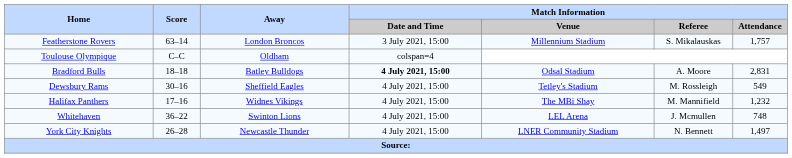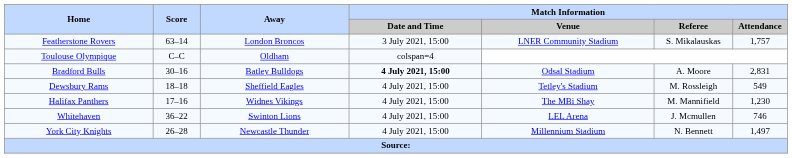 <table border=1 style="border-collapse:collapse; font-size:90%; text-align:center;" cellpadding=3 cellspacing=0 width=100%>
 <tr style="background:#c1d8ff;">
 <th scope="col" rowspan=2 width=19%>Home</th>
 <th scope="col" rowspan=2 width=6%>Score</th>
 <th scope="col" rowspan=2 width=19%>Away</th>
 <th colspan=6>Match Information</th>
 </tr>
 <tr style="background:#cccccc;">
 <th scope="col" width=17%>Date and Time</th>
 <th scope="col" width=22%>Venue</th>
 <th scope="col" width=10%>Referee</th>
 <th scope="col" width=7%>Attendance</th>
 </tr>
 <tr style="background:#f5faff;">
 <td> <a href='#'>Featherstone Rovers</a></td>
 <td>63–14</td>
 <td> <a href='#'>London Broncos</a></td>
 <td>3 July 2021, 15:00</td>
-<td><a href='#'>Millennium Stadium</a></td>
+<td><a href='#'>LNER Community Stadium</a></td>
 <td>S. Mikalauskas</td>
 <td>1,757</td>
 </tr>
 <tr style="background:#f5faff;">
 <td> <a href='#'>Toulouse Olympique</a></td>
 <td>C–C</td>
 <td> <a href='#'>Oldham</a></td>
 <td>colspan=4 </td>
 </tr>
 <tr style="background:#f5faff;">
 <td> <a href='#'>Bradford Bulls</a></td>
-<td>18–18</td>
+<td>30–16</td>
 <td> <a href='#'>Batley Bulldogs</a></td>
 <td><strong>4 July 2021, 15:00</strong></td>
 <td><a href='#'>Odsal Stadium</a></td>
 <td>A. Moore</td>
 <td>2,831</td>
 </tr>
 <tr style="background:#f5faff;">
 <td> <a href='#'>Dewsbury Rams</a></td>
-<td>30–16</td>
+<td>18–18</td>
 <td> <a href='#'>Sheffield Eagles</a></td>
 <td>4 July 2021, 15:00</td>
 <td><a href='#'>Tetley's Stadium</a></td>
 <td>M. Rossleigh</td>
 <td>549</td>
 </tr>
 <tr style="background:#f5faff;">
 <td> <a href='#'>Halifax Panthers</a></td>
 <td>17–16</td>
 <td> <a href='#'>Widnes Vikings</a></td>
 <td>4 July 2021, 15:00</td>
 <td><a href='#'>The MBi Shay</a></td>
 <td>M. Mannifield</td>
-<td>1,232</td>
+<td>1,230</td>
 </tr>
 <tr style="background:#f5faff;">
 <td> <a href='#'>Whitehaven</a></td>
 <td>36–22</td>
 <td> <a href='#'>Swinton Lions</a></td>
 <td>4 July 2021, 15:00</td>
 <td><a href='#'>LEL Arena</a></td>
 <td>J. Mcmullen</td>
-<td>748</td>
+<td>746</td>
 </tr>
 <tr style="background:#f5faff;">
 <td> <a href='#'>York City Knights</a></td>
 <td>26–28</td>
 <td> <a href='#'>Newcastle Thunder</a></td>
 <td>4 July 2021, 15:00</td>
-<td><a href='#'>LNER Community Stadium</a></td>
+<td><a href='#'>Millennium Stadium</a></td>
 <td>N. Bennett</td>
 <td>1,497</td>
 </tr>
 <tr style="background:#c1d8ff;">
 <th colspan=7>Source:</th>
 </tr>
 </table>
